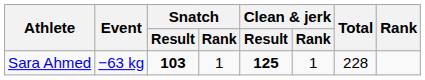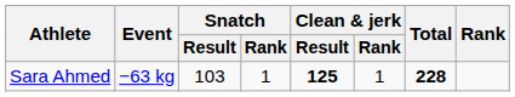 <table class="wikitable" style="font-size:90%">
 <tr>
 <th rowspan="2">Athlete</th>
 <th rowspan="2">Event</th>
 <th colspan="2">Snatch</th>
 <th colspan="2">Clean & jerk</th>
 <th rowspan="2">Total</th>
 <th rowspan="2">Rank</th>
 </tr>
 <tr style="font-size:95%">
 <th>Result</th>
 <th>Rank</th>
 <th>Result</th>
 <th>Rank</th>
 </tr>
 <tr align=center>
 <td align=left><a href='#'>Sara Ahmed</a></td>
 <td align=left><a href='#'>−63 kg</a></td>
-<td><strong>103</strong></td>
+<td>103</td>
 <td>1</td>
 <td><strong>125</strong></td>
 <td>1</td>
-<td>228</td>
+<td><strong>228</strong></td>
 <td></td>
 </tr>
 </table>
